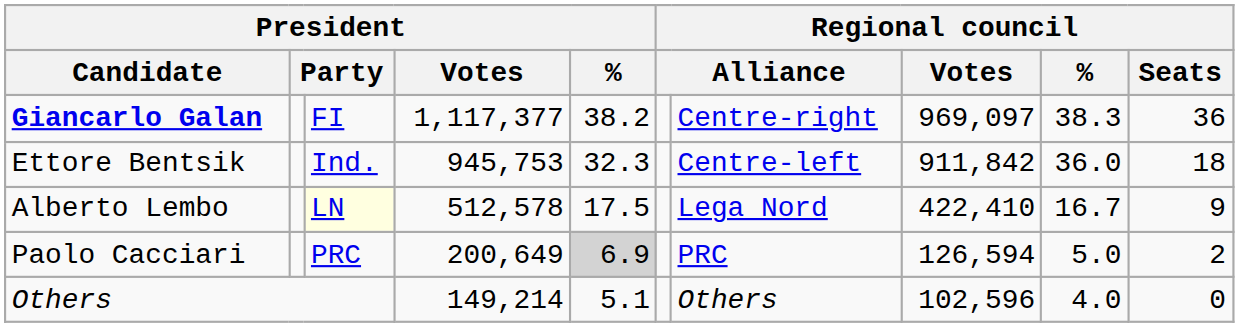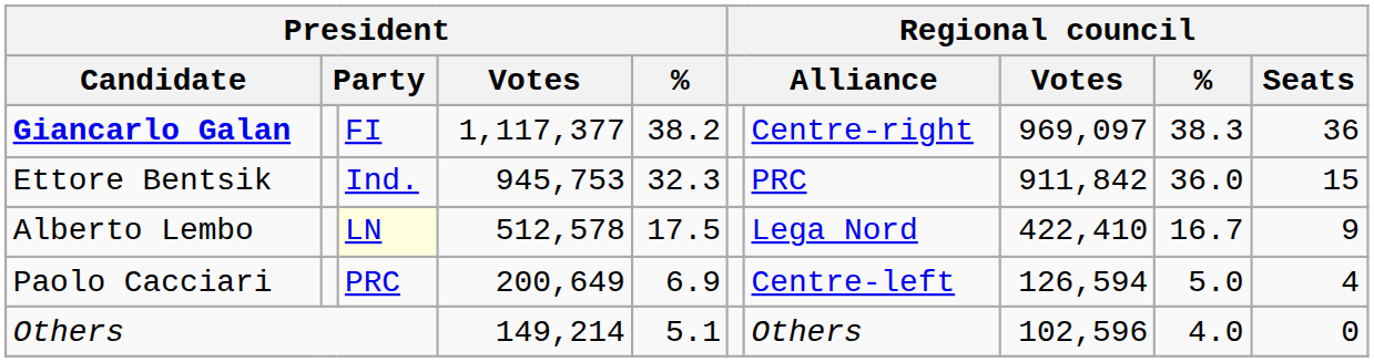 <table class="wikitable" style="text-align:right; style="width=65%">
 <tr>
 <th colspan="5">President</th>
 <th colspan="7">Regional council</th>
 </tr>
 <tr>
 <th>Candidate</th>
 <th colspan="2">Party</th>
 <th>Votes</th>
 <th>%</th>
 <th colspan="2">Alliance</th>
 <th>Votes</th>
 <th>%</th>
 <th>Seats</th>
 </tr>
 <tr>
 <td style="text-align:left"><strong><a href='#'>Giancarlo Galan</a></strong></td>
 <td></td>
 <td style="text-align:left"><a href='#'>FI</a></td>
 <td>1,117,377</td>
 <td>38.2</td>
 <td></td>
 <td style="text-align:left"><a href='#'>Centre-right</a></td>
 <td>969,097</td>
 <td>38.3</td>
 <td>36</td>
 </tr>
 <tr>
 <td style="text-align:left">Ettore Bentsik</td>
 <td></td>
 <td style="text-align:left"><a href='#'>Ind.</a></td>
 <td>945,753</td>
 <td>32.3</td>
 <td></td>
-<td style="text-align:left"><a href='#'>Centre-left</a></td>
+<td style="text-align:left"><a href='#'>PRC</a></td>
 <td>911,842</td>
 <td>36.0</td>
-<td>18</td>
+<td>15</td>
 </tr>
 <tr>
 <td style="text-align:left">Alberto Lembo</td>
 <td></td>
 <td style="background: lightyellow; text-align:left"><a href='#'>LN</a></td>
 <td>512,578</td>
 <td>17.5</td>
 <td></td>
 <td style="text-align:left"><a href='#'>Lega Nord</a></td>
 <td>422,410</td>
 <td>16.7</td>
 <td>9</td>
 </tr>
 <tr>
 <td style="text-align:left">Paolo Cacciari</td>
 <td></td>
 <td style="text-align:left"><a href='#'>PRC</a></td>
 <td>200,649</td>
-<td style="background: lightgrey;">6.9</td>
+<td>6.9</td>
 <td></td>
-<td style="text-align:left"><a href='#'>PRC</a></td>
+<td style="text-align:left"><a href='#'>Centre-left</a></td>
 <td>126,594</td>
 <td>5.0</td>
-<td>2</td>
+<td>4</td>
 </tr>
 <tr>
 <td colspan="3" style="text-align:left"><em>Others</em></td>
 <td>149,214</td>
 <td>5.1</td>
 <td></td>
 <td style="text-align:left"><em>Others</em></td>
 <td>102,596</td>
 <td>4.0</td>
 <td>0</td>
 </tr>
 </table>
